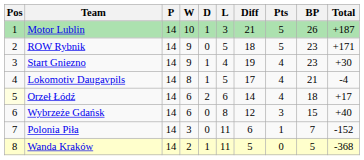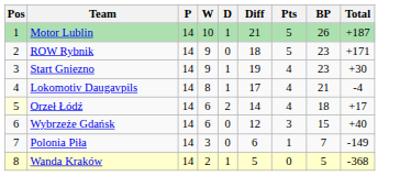 <table class="wikitable" style="font-size: 100%">
 <tr>
 <th width=20>Pos</th>
 <th width=200>Team</th>
 <th width=20>P</th>
 <th width=20>W</th>
 <th width=20>D</th>
-<th width=20>L</th>
 <th width=40>Diff</th>
 <th width=40>Pts</th>
 <th width=40>BP</th>
 <th width=40>Total</th>
 </tr>
 <tr align=center style="background:#ACE1AF;">
 <td>1</td>
 <td align="left"><a href='#'>Motor Lublin</a></td>
 <td>14</td>
 <td>10</td>
 <td>1</td>
-<td>3</td>
 <td>21</td>
 <td>5</td>
 <td>26</td>
 <td>+187</td>
 </tr>
 <tr align=center>
 <td>2</td>
 <td align="left"><a href='#'>ROW Rybnik</a></td>
 <td>14</td>
 <td>9</td>
 <td>0</td>
-<td>5</td>
 <td>18</td>
 <td>5</td>
 <td>23</td>
 <td>+171</td>
 </tr>
 <tr align=center>
 <td>3</td>
 <td align="left"><a href='#'>Start Gniezno</a></td>
 <td>14</td>
 <td>9</td>
 <td>1</td>
-<td>4</td>
 <td>19</td>
 <td>4</td>
 <td>23</td>
 <td>+30</td>
 </tr>
 <tr align=center>
 <td>4</td>
 <td align="left"><a href='#'>Lokomotiv Daugavpils</a> </td>
 <td>14</td>
 <td>8</td>
 <td>1</td>
-<td>5</td>
 <td>17</td>
 <td>4</td>
 <td>21</td>
 <td>-4</td>
 </tr>
 <tr align=center>
 <td style="background: lightyellow;">5</td>
 <td align="left"><a href='#'>Orzeł Łódź</a></td>
 <td>14</td>
 <td>6</td>
 <td>2</td>
-<td>6</td>
 <td>14</td>
 <td>4</td>
 <td>18</td>
 <td>+17</td>
 </tr>
 <tr align=center>
 <td>6</td>
 <td align="left"><a href='#'>Wybrzeże Gdańsk</a></td>
 <td>14</td>
 <td>6</td>
 <td>0</td>
-<td>8</td>
 <td>12</td>
 <td>3</td>
 <td>15</td>
 <td>+40</td>
 </tr>
 <tr align=center>
 <td>7</td>
 <td align="left"><a href='#'>Polonia Piła</a></td>
 <td>14</td>
 <td>3</td>
 <td>0</td>
-<td>11</td>
 <td>6</td>
 <td>1</td>
 <td>7</td>
-<td>-152</td>
+<td>-149</td>
 </tr>
 <tr align=center style="background: #ffffcc;">
 <td>8</td>
 <td align="left"><a href='#'>Wanda Kraków</a></td>
 <td>14</td>
 <td>2</td>
 <td>1</td>
-<td>11</td>
 <td>5</td>
 <td>0</td>
 <td>5</td>
 <td>-368</td>
 </tr>
 </table>
